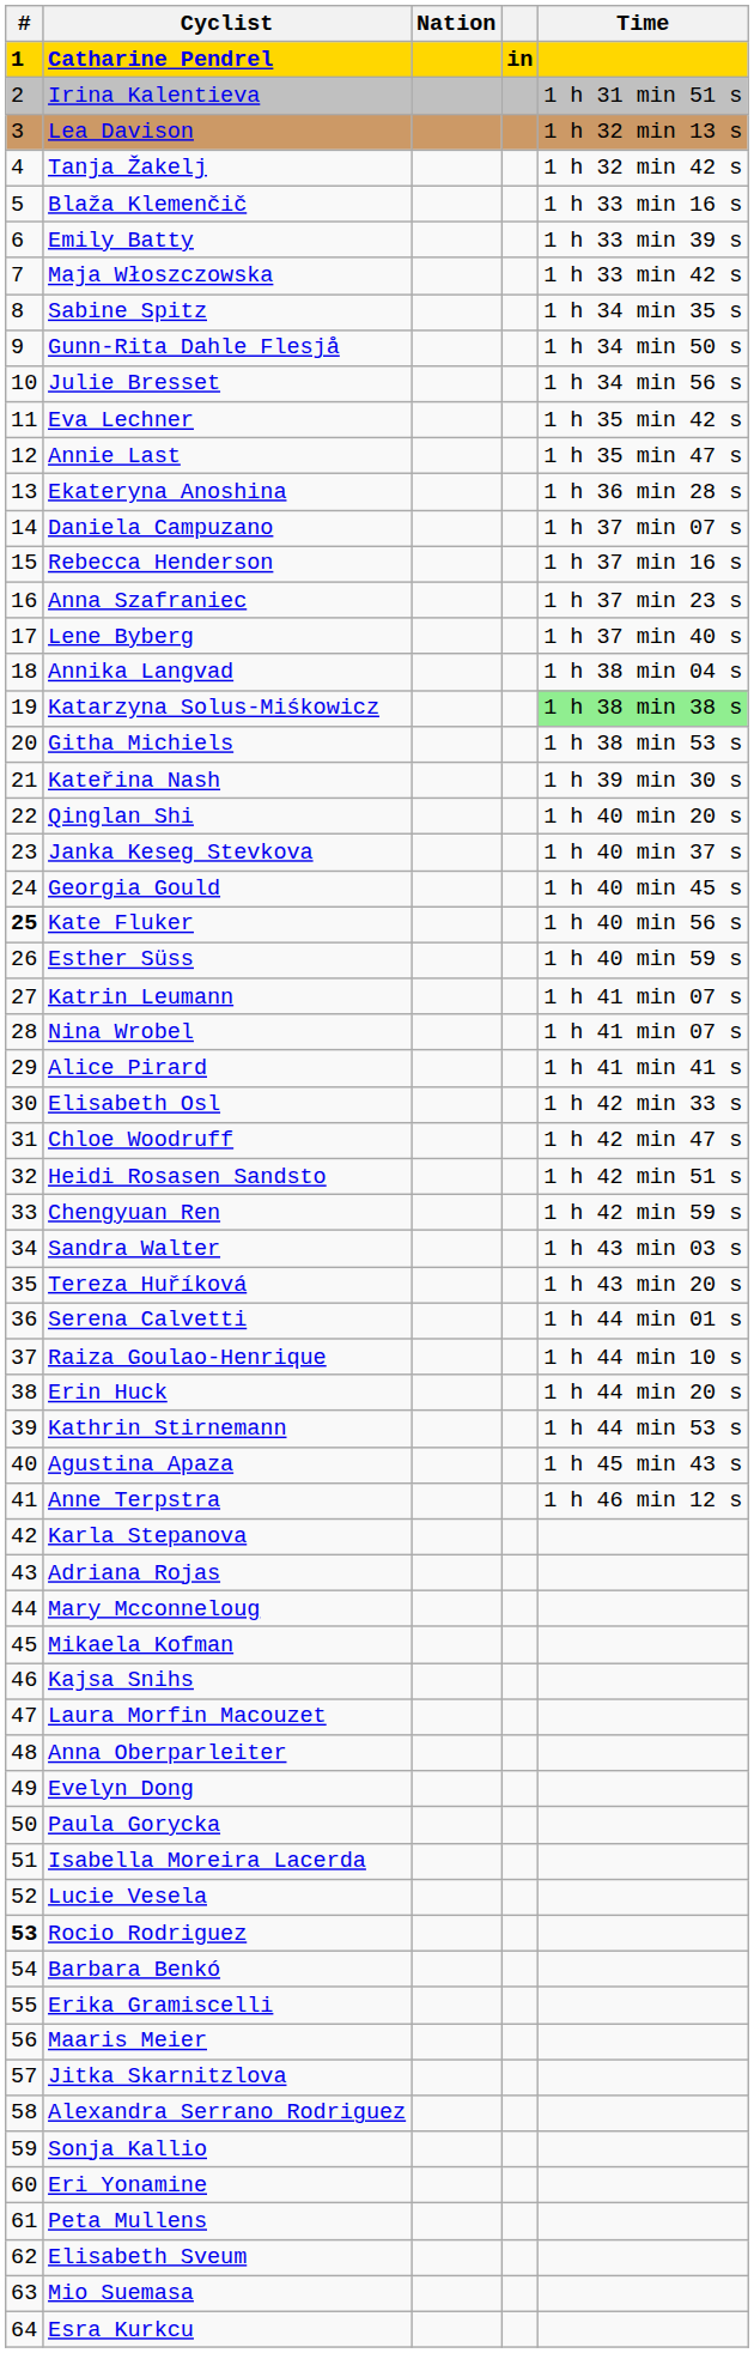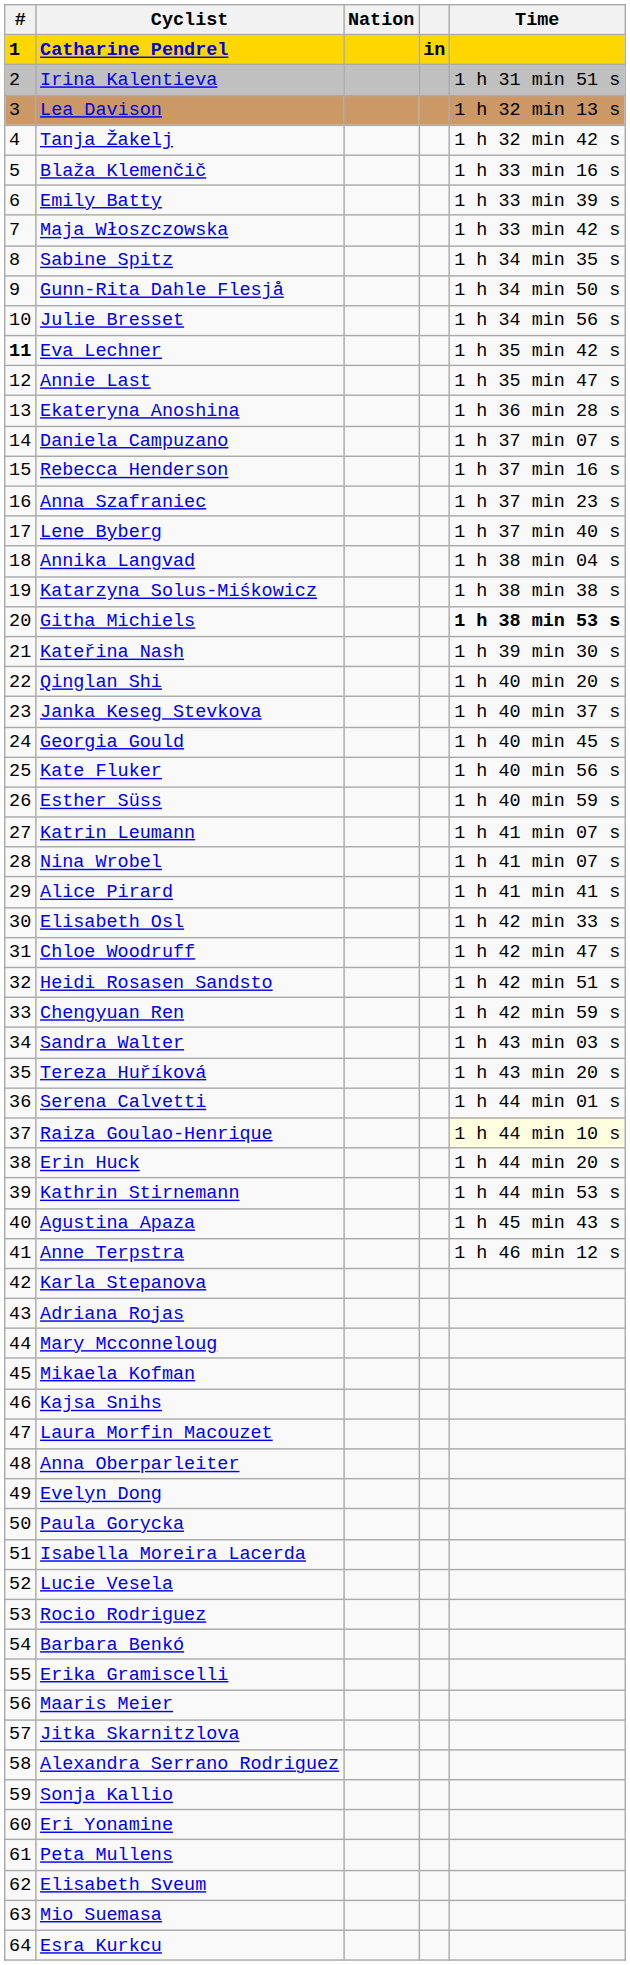 <table class="wikitable">
 <tr>
 <th>#</th>
 <th>Cyclist</th>
 <th>Nation</th>
 <th></th>
 <th>Time</th>
 </tr>
 <tr bgcolor="gold">
 <td><strong>1</strong></td>
 <td><strong><a href='#'>Catharine Pendrel</a></strong></td>
 <td><strong></strong></td>
 <td><strong>in</strong></td>
 <td align=right><strong></strong></td>
 </tr>
 <tr bgcolor="silver">
 <td>2</td>
 <td><a href='#'>Irina Kalentieva</a></td>
 <td></td>
 <td></td>
 <td align=right>1 h 31 min 51 s</td>
 </tr>
 <tr bgcolor="CC9966">
 <td>3</td>
 <td><a href='#'>Lea Davison</a></td>
 <td></td>
 <td></td>
 <td align=right>1 h 32 min 13 s</td>
 </tr>
 <tr>
 <td>4</td>
 <td><a href='#'>Tanja Žakelj</a></td>
 <td></td>
 <td></td>
 <td align=right>1 h 32 min 42 s</td>
 </tr>
 <tr>
 <td>5</td>
 <td><a href='#'>Blaža Klemenčič</a></td>
 <td></td>
 <td></td>
 <td align=right>1 h 33 min 16 s</td>
 </tr>
 <tr>
 <td>6</td>
 <td><a href='#'>Emily Batty</a></td>
 <td></td>
 <td></td>
 <td align=right>1 h 33 min 39 s</td>
 </tr>
 <tr>
 <td>7</td>
 <td><a href='#'>Maja Włoszczowska</a></td>
 <td></td>
 <td></td>
 <td align=right>1 h 33 min 42 s</td>
 </tr>
 <tr>
 <td>8</td>
 <td><a href='#'>Sabine Spitz</a></td>
 <td></td>
 <td></td>
 <td align=right>1 h 34 min 35 s</td>
 </tr>
 <tr>
 <td>9</td>
 <td><a href='#'>Gunn-Rita Dahle Flesjå</a></td>
 <td></td>
 <td></td>
 <td align=right>1 h 34 min 50 s</td>
 </tr>
 <tr>
 <td>10</td>
 <td><a href='#'>Julie Bresset</a></td>
 <td></td>
 <td></td>
 <td align=right>1 h 34 min 56 s</td>
 </tr>
 <tr>
-<td>11</td>
+<td><strong>11</strong></td>
 <td><a href='#'>Eva Lechner</a></td>
 <td></td>
 <td></td>
 <td align=right>1 h 35 min 42 s</td>
 </tr>
 <tr>
 <td>12</td>
 <td><a href='#'>Annie Last</a></td>
 <td></td>
 <td></td>
 <td align=right>1 h 35 min 47 s</td>
 </tr>
 <tr>
 <td>13</td>
 <td><a href='#'>Ekateryna Anoshina</a></td>
 <td></td>
 <td></td>
 <td align=right>1 h 36 min 28 s</td>
 </tr>
 <tr>
 <td>14</td>
 <td><a href='#'>Daniela Campuzano</a></td>
 <td></td>
 <td></td>
 <td align=right>1 h 37 min 07 s</td>
 </tr>
 <tr>
 <td>15</td>
 <td><a href='#'>Rebecca Henderson</a></td>
 <td></td>
 <td></td>
 <td align=right>1 h 37 min 16 s</td>
 </tr>
 <tr>
 <td>16</td>
 <td><a href='#'>Anna Szafraniec</a></td>
 <td></td>
 <td></td>
 <td align=right>1 h 37 min 23 s</td>
 </tr>
 <tr>
 <td>17</td>
 <td><a href='#'>Lene Byberg</a></td>
 <td></td>
 <td></td>
 <td align=right>1 h 37 min 40 s</td>
 </tr>
 <tr>
 <td>18</td>
 <td><a href='#'>Annika Langvad</a></td>
 <td></td>
 <td></td>
 <td align=right>1 h 38 min 04 s</td>
 </tr>
 <tr>
 <td>19</td>
 <td><a href='#'>Katarzyna Solus-Miśkowicz</a></td>
 <td></td>
 <td></td>
-<td align=right style="background: lightgreen;">1 h 38 min 38 s</td>
+<td align=right>1 h 38 min 38 s</td>
 </tr>
 <tr>
 <td>20</td>
 <td><a href='#'>Githa Michiels</a></td>
 <td></td>
 <td></td>
-<td align=right>1 h 38 min 53 s</td>
+<td align=right><strong>1 h 38 min 53 s</strong></td>
 </tr>
 <tr>
 <td>21</td>
 <td><a href='#'>Kateřina Nash</a></td>
 <td></td>
 <td></td>
 <td align=right>1 h 39 min 30 s</td>
 </tr>
 <tr>
 <td>22</td>
 <td><a href='#'>Qinglan Shi</a></td>
 <td></td>
 <td></td>
 <td align=right>1 h 40 min 20 s</td>
 </tr>
 <tr>
 <td>23</td>
 <td><a href='#'>Janka Keseg Stevkova</a></td>
 <td></td>
 <td></td>
 <td align=right>1 h 40 min 37 s</td>
 </tr>
 <tr>
 <td>24</td>
 <td><a href='#'>Georgia Gould</a></td>
 <td></td>
 <td></td>
 <td align=right>1 h 40 min 45 s</td>
 </tr>
 <tr>
-<td><strong>25</strong></td>
+<td>25</td>
 <td><a href='#'>Kate Fluker</a></td>
 <td></td>
 <td></td>
 <td align=right>1 h 40 min 56 s</td>
 </tr>
 <tr>
 <td>26</td>
 <td><a href='#'>Esther Süss</a></td>
 <td></td>
 <td></td>
 <td align=right>1 h 40 min 59 s</td>
 </tr>
 <tr>
 <td>27</td>
 <td><a href='#'>Katrin Leumann</a></td>
 <td></td>
 <td></td>
 <td align=right>1 h 41 min 07 s</td>
 </tr>
 <tr>
 <td>28</td>
 <td><a href='#'>Nina Wrobel</a></td>
 <td></td>
 <td></td>
 <td align=right>1 h 41 min 07 s</td>
 </tr>
 <tr>
 <td>29</td>
 <td><a href='#'>Alice Pirard</a></td>
 <td></td>
 <td></td>
 <td align=right>1 h 41 min 41 s</td>
 </tr>
 <tr>
 <td>30</td>
 <td><a href='#'>Elisabeth Osl</a></td>
 <td></td>
 <td></td>
 <td align=right>1 h 42 min 33 s</td>
 </tr>
 <tr>
 <td>31</td>
 <td><a href='#'>Chloe Woodruff</a></td>
 <td></td>
 <td></td>
 <td align=right>1 h 42 min 47 s</td>
 </tr>
 <tr>
 <td>32</td>
 <td><a href='#'>Heidi Rosasen Sandsto</a></td>
 <td></td>
 <td></td>
 <td align=right>1 h 42 min 51 s</td>
 </tr>
 <tr>
 <td>33</td>
 <td><a href='#'>Chengyuan Ren</a></td>
 <td></td>
 <td></td>
 <td align=right>1 h 42 min 59 s</td>
 </tr>
 <tr>
 <td>34</td>
 <td><a href='#'>Sandra Walter</a></td>
 <td></td>
 <td></td>
 <td align=right>1 h 43 min 03 s</td>
 </tr>
 <tr>
 <td>35</td>
 <td><a href='#'>Tereza Huříková</a></td>
 <td></td>
 <td></td>
 <td align=right>1 h 43 min 20 s</td>
 </tr>
 <tr>
 <td>36</td>
 <td><a href='#'>Serena Calvetti</a></td>
 <td></td>
 <td></td>
 <td align=right>1 h 44 min 01 s</td>
 </tr>
 <tr>
 <td>37</td>
 <td><a href='#'>Raiza Goulao-Henrique</a></td>
 <td></td>
 <td></td>
-<td align=right>1 h 44 min 10 s</td>
+<td align=right style="background: lightyellow;">1 h 44 min 10 s</td>
 </tr>
 <tr>
 <td>38</td>
 <td><a href='#'>Erin Huck</a></td>
 <td></td>
 <td></td>
 <td align=right>1 h 44 min 20 s</td>
 </tr>
 <tr>
 <td>39</td>
 <td><a href='#'>Kathrin Stirnemann</a></td>
 <td></td>
 <td></td>
 <td align=right>1 h 44 min 53 s</td>
 </tr>
 <tr>
 <td>40</td>
 <td><a href='#'>Agustina Apaza</a></td>
 <td></td>
 <td></td>
 <td align=right>1 h 45 min 43 s</td>
 </tr>
 <tr>
 <td>41</td>
 <td><a href='#'>Anne Terpstra</a></td>
 <td></td>
 <td></td>
 <td align=right>1 h 46 min 12 s</td>
 </tr>
 <tr>
 <td>42</td>
 <td><a href='#'>Karla Stepanova</a></td>
 <td></td>
 <td></td>
 <td></td>
 </tr>
 <tr>
 <td>43</td>
 <td><a href='#'>Adriana Rojas</a></td>
 <td></td>
 <td></td>
 <td></td>
 </tr>
 <tr>
 <td>44</td>
 <td><a href='#'>Mary Mcconneloug</a></td>
 <td></td>
 <td></td>
 <td></td>
 </tr>
 <tr>
 <td>45</td>
 <td><a href='#'>Mikaela Kofman</a></td>
 <td></td>
 <td></td>
 <td></td>
 </tr>
 <tr>
 <td>46</td>
 <td><a href='#'>Kajsa Snihs</a></td>
 <td></td>
 <td></td>
 <td></td>
 </tr>
 <tr>
 <td>47</td>
 <td><a href='#'>Laura Morfin Macouzet</a></td>
 <td></td>
 <td></td>
 <td></td>
 </tr>
 <tr>
 <td>48</td>
 <td><a href='#'>Anna Oberparleiter</a></td>
 <td></td>
 <td></td>
 <td></td>
 </tr>
 <tr>
 <td>49</td>
 <td><a href='#'>Evelyn Dong</a></td>
 <td></td>
 <td></td>
 <td></td>
 </tr>
 <tr>
 <td>50</td>
 <td><a href='#'>Paula Gorycka</a></td>
 <td></td>
 <td></td>
 <td></td>
 </tr>
 <tr>
 <td>51</td>
 <td><a href='#'>Isabella Moreira Lacerda</a></td>
 <td></td>
 <td></td>
 <td></td>
 </tr>
 <tr>
 <td>52</td>
 <td><a href='#'>Lucie Vesela</a></td>
 <td></td>
 <td></td>
 <td></td>
 </tr>
 <tr>
-<td><strong>53</strong></td>
+<td>53</td>
 <td><a href='#'>Rocio Rodriguez</a></td>
 <td></td>
 <td></td>
 <td></td>
 </tr>
 <tr>
 <td>54</td>
 <td><a href='#'>Barbara Benkó</a></td>
 <td></td>
 <td></td>
 <td></td>
 </tr>
 <tr>
 <td>55</td>
 <td><a href='#'>Erika Gramiscelli</a></td>
 <td></td>
 <td></td>
 <td></td>
 </tr>
 <tr>
 <td>56</td>
 <td><a href='#'>Maaris Meier</a></td>
 <td></td>
 <td></td>
 <td></td>
 </tr>
 <tr>
 <td>57</td>
 <td><a href='#'>Jitka Skarnitzlova</a></td>
 <td></td>
 <td></td>
 <td></td>
 </tr>
 <tr>
 <td>58</td>
 <td><a href='#'>Alexandra Serrano Rodriguez</a></td>
 <td></td>
 <td></td>
 <td></td>
 </tr>
 <tr>
 <td>59</td>
 <td><a href='#'>Sonja Kallio</a></td>
 <td></td>
 <td></td>
 <td></td>
 </tr>
 <tr>
 <td>60</td>
 <td><a href='#'>Eri Yonamine</a></td>
 <td></td>
 <td></td>
 <td></td>
 </tr>
 <tr>
 <td>61</td>
 <td><a href='#'>Peta Mullens</a></td>
 <td></td>
 <td></td>
 <td></td>
 </tr>
 <tr>
 <td>62</td>
 <td><a href='#'>Elisabeth Sveum</a></td>
 <td></td>
 <td></td>
 <td></td>
 </tr>
 <tr>
 <td>63</td>
 <td><a href='#'>Mio Suemasa</a></td>
 <td></td>
 <td></td>
 <td></td>
 </tr>
 <tr>
 <td>64</td>
 <td><a href='#'>Esra Kurkcu</a></td>
 <td></td>
 <td></td>
 <td></td>
 </tr>
 </table>
